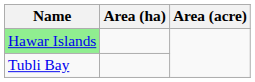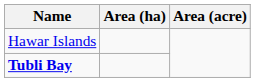 <table class="wikitable sortable">
 <tr>
 <th scope="col" align=left>Name</th>
 <th scope="col">Area (ha)</th>
 <th scope="col">Area (acre)</th>
 </tr>
 <tr ---->
-<td style="background: lightgreen;"><a href='#'>Hawar Islands</a></td>
+<td><a href='#'>Hawar Islands</a></td>
 <td></td>
 </tr>
 <tr ---->
-<td><a href='#'>Tubli Bay</a></td>
+<td><strong><a href='#'>Tubli Bay</a></strong></td>
 <td></td>
 </tr>
 </table>
